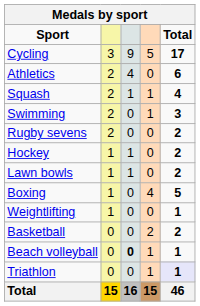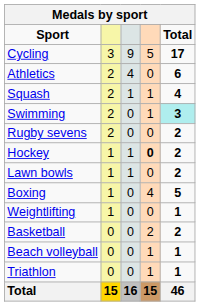 <table class="wikitable" style="text-align:center;font-size:90%">
 <tr style="background:#efefef;">
 <th colspan=7>Medals by sport</th>
 </tr>
 <tr>
 <td><strong>Sport</strong></td>
 <td bgcolor=#f7f6a8></td>
 <td bgcolor=#dce5e5></td>
 <td bgcolor=#ffdab9></td>
 <td><strong>Total</strong></td>
 </tr>
 <tr>
 <td style="text-align:left;"><a href='#'>Cycling</a></td>
 <td style="background:#F7F6A8;">3</td>
 <td style="background:#DCE5E5;">9</td>
 <td style="background:#FFDAB9;">5</td>
 <td><strong>17</strong></td>
 </tr>
 <tr>
 <td style="text-align:left;"><a href='#'>Athletics</a></td>
 <td style="background:#F7F6A8;">2</td>
 <td style="background:#DCE5E5;">4</td>
 <td style="background:#FFDAB9;">0</td>
 <td><strong>6</strong></td>
 </tr>
 <tr>
 <td style="text-align:left;"><a href='#'>Squash</a></td>
 <td style="background:#F7F6A8;">2</td>
 <td style="background:#DCE5E5;">1</td>
 <td style="background:#FFDAB9;">1</td>
 <td><strong>4</strong></td>
 </tr>
 <tr>
 <td style="text-align:left;"><a href='#'>Swimming</a></td>
 <td style="background:#F7F6A8;">2</td>
 <td style="background:#DCE5E5;">0</td>
 <td style="background:#FFDAB9;">1</td>
-<td><strong>3</strong></td>
+<td style="background: paleturquoise;"><strong>3</strong></td>
 </tr>
 <tr>
 <td style="text-align:left;"><a href='#'>Rugby sevens</a></td>
 <td style="background:#F7F6A8;">2</td>
 <td style="background:#DCE5E5;">0</td>
 <td style="background:#FFDAB9;">0</td>
 <td><strong>2</strong></td>
 </tr>
 <tr>
 <td style="text-align:left;"><a href='#'>Hockey</a></td>
 <td style="background:#F7F6A8;">1</td>
 <td style="background:#DCE5E5;">1</td>
-<td style="background:#FFDAB9;">0</td>
+<td style="background:#FFDAB9;"><strong>0</strong></td>
 <td><strong>2</strong></td>
 </tr>
 <tr>
 <td style="text-align:left;"><a href='#'>Lawn bowls</a></td>
 <td style="background:#F7F6A8;">1</td>
 <td style="background:#DCE5E5;">1</td>
 <td style="background:#FFDAB9;">0</td>
 <td><strong>2</strong></td>
 </tr>
 <tr>
 <td style="text-align:left;"><a href='#'>Boxing</a></td>
 <td style="background:#F7F6A8;">1</td>
 <td style="background:#DCE5E5;">0</td>
 <td style="background:#FFDAB9;">4</td>
 <td><strong>5</strong></td>
 </tr>
 <tr>
 <td style="text-align:left;"><a href='#'>Weightlifting</a></td>
 <td style="background:#F7F6A8;">1</td>
 <td style="background:#DCE5E5;">0</td>
 <td style="background:#FFDAB9;">0</td>
 <td><strong>1</strong></td>
 </tr>
 <tr>
 <td style="text-align:left;"><a href='#'>Basketball</a></td>
 <td style="background:#F7F6A8;">0</td>
 <td style="background:#DCE5E5;">0</td>
 <td style="background:#FFDAB9;">2</td>
 <td><strong>2</strong></td>
 </tr>
 <tr>
 <td style="text-align:left;"><a href='#'>Beach volleyball</a></td>
 <td style="background:#F7F6A8;">0</td>
-<td style="background:#DCE5E5;"><strong>0</strong></td>
+<td style="background:#DCE5E5;">0</td>
 <td style="background:#FFDAB9;">1</td>
 <td><strong>1</strong></td>
 </tr>
 <tr>
 <td style="text-align:left;"><a href='#'>Triathlon</a></td>
 <td style="background:#F7F6A8;">0</td>
 <td style="background:#DCE5E5;">0</td>
 <td style="background:#FFDAB9;">1</td>
-<td style="background: lavender;"><strong>1</strong></td>
+<td><strong>1</strong></td>
 </tr>
 <tr>
 <th style="text-align:left;">Total</th>
 <th style="background:gold;">15</th>
 <th style="background:silver;">16</th>
 <th style="background:#c96;">15</th>
 <th>46</th>
 </tr>
 </table>
